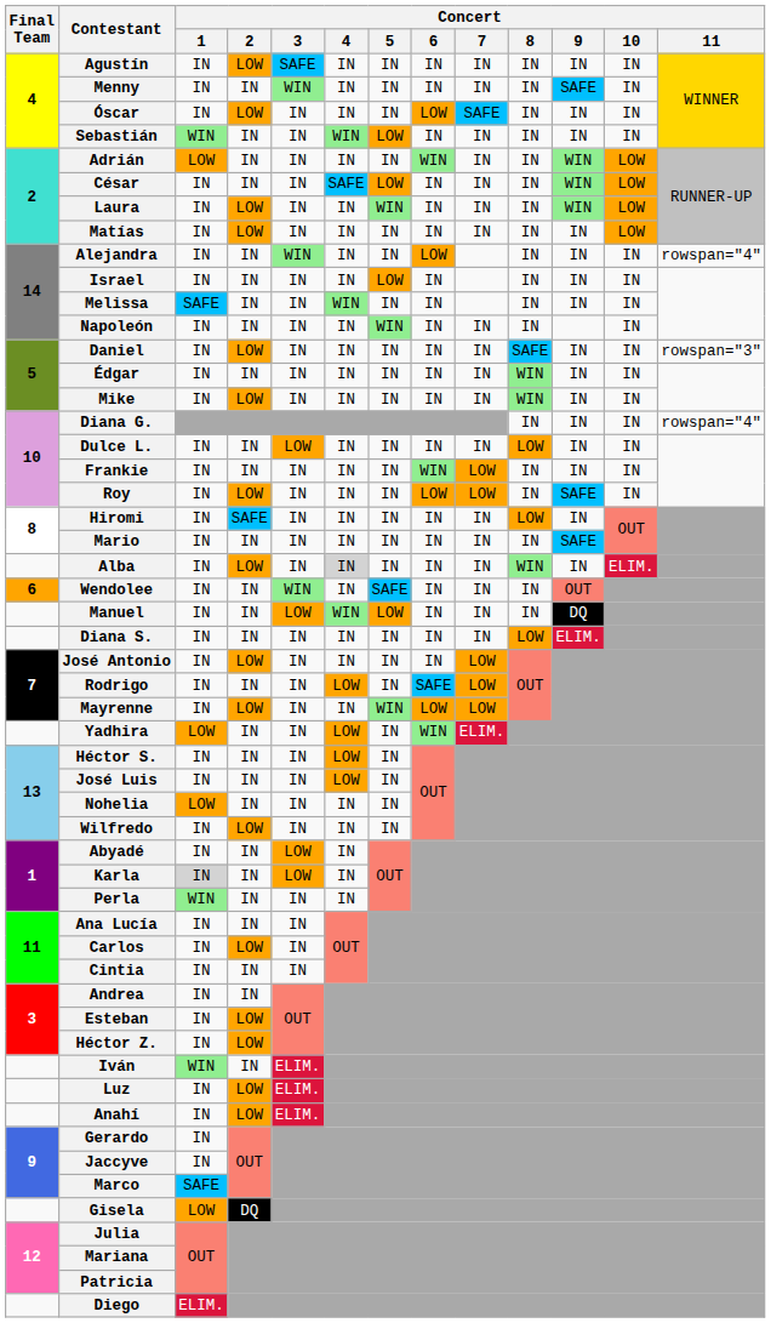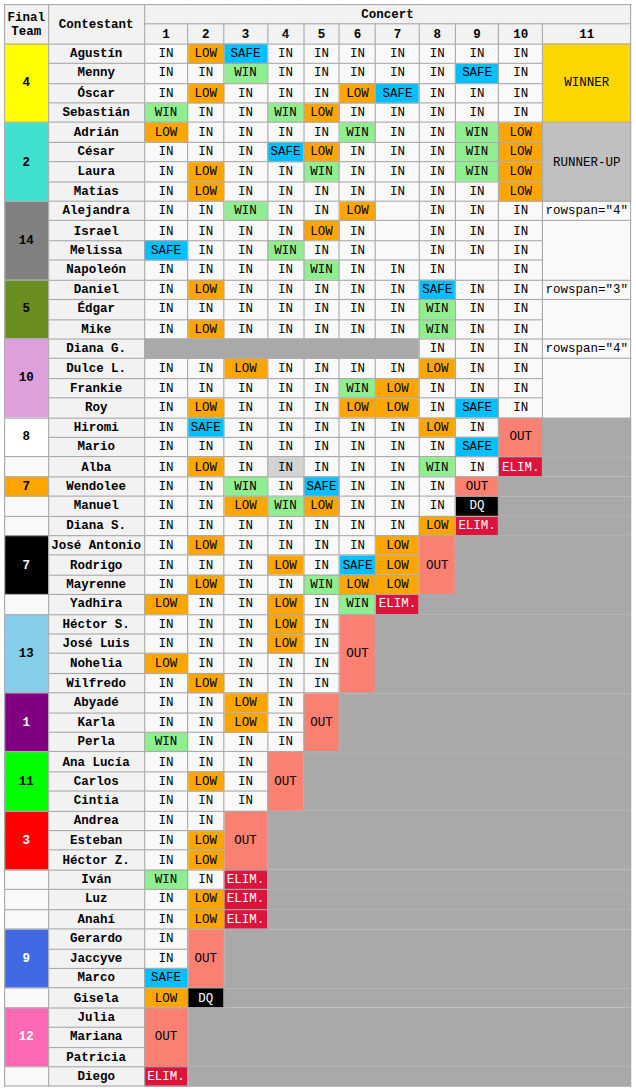 <table class="wikitable sortable" style="text-align:center; font-size:85%;">
 <tr>
 <th scope="col" rowspan="2">Final<br>Team</th>
 <th scope="col" rowspan="2">Contestant</th>
 <th class="unsortable" scope="col" colspan="100%">Concert</th>
 </tr>
 <tr>
 <th class="unsortable" scope="col">1</th>
 <th class="unsortable" scope="col">2</th>
 <th class="unsortable" scope="col">3</th>
 <th class="unsortable" scope="col">4</th>
 <th class="unsortable" scope="col">5</th>
 <th class="unsortable" scope="col">6</th>
 <th class="unsortable" scope="col">7</th>
 <th class="unsortable" scope="col">8</th>
 <th class="unsortable" scope="col">9</th>
 <th class="unsortable" scope="col">10</th>
 <th class="unsortable" scope="col">11</th>
 </tr>
 <tr>
 <th scope="row" rowspan="4" style="background:yellow;">4</th>
 <th scope="row">Agustín</th>
 <td>IN</td>
 <td style="background:orange;">LOW</td>
 <td style="background:deepskyblue;">SAFE</td>
 <td>IN</td>
 <td>IN</td>
 <td>IN</td>
 <td>IN</td>
 <td>IN</td>
 <td>IN</td>
 <td>IN</td>
 <td rowspan="4" style="background:gold;">WINNER</td>
 </tr>
 <tr>
 <th scope="row">Menny</th>
 <td>IN</td>
 <td>IN</td>
 <td style="background:lightgreen;">WIN</td>
 <td>IN</td>
 <td>IN</td>
 <td>IN</td>
 <td>IN</td>
 <td>IN</td>
 <td style="background:deepskyblue;">SAFE</td>
 <td>IN</td>
 </tr>
 <tr>
 <th scope="row">Óscar</th>
 <td>IN</td>
 <td style="background:orange;">LOW</td>
 <td>IN</td>
 <td>IN</td>
 <td>IN</td>
 <td style="background:orange;">LOW</td>
 <td style="background:deepskyblue;">SAFE</td>
 <td>IN</td>
 <td>IN</td>
 <td>IN</td>
 </tr>
 <tr>
 <th scope="row">Sebastián</th>
 <td style="background:lightgreen;">WIN</td>
 <td>IN</td>
 <td>IN</td>
 <td style="background:lightgreen;">WIN</td>
 <td style="background:orange;">LOW</td>
 <td>IN</td>
 <td>IN</td>
 <td>IN</td>
 <td>IN</td>
 <td>IN</td>
 </tr>
 <tr>
 <th scope="row" rowspan="4" style="background:turquoise;">2</th>
 <th scope="row">Adrián</th>
 <td style="background:orange;">LOW</td>
 <td>IN</td>
 <td>IN</td>
 <td>IN</td>
 <td>IN</td>
 <td style="background:lightgreen;">WIN</td>
 <td>IN</td>
 <td>IN</td>
 <td style="background:lightgreen;">WIN</td>
 <td style="background:orange;">LOW</td>
 <td rowspan="4" style="background:silver;">RUNNER-UP</td>
 </tr>
 <tr>
 <th scope="row">César</th>
 <td>IN</td>
 <td>IN</td>
 <td>IN</td>
 <td style="background:deepskyblue;">SAFE</td>
 <td style="background:orange;">LOW</td>
 <td>IN</td>
 <td>IN</td>
 <td>IN</td>
 <td style="background:lightgreen;">WIN</td>
 <td style="background:orange;">LOW<br></td>
 </tr>
 <tr>
 <th scope="row">Laura</th>
 <td>IN</td>
 <td style="background:orange;">LOW</td>
 <td>IN</td>
 <td>IN</td>
 <td style="background:lightgreen;">WIN</td>
 <td>IN</td>
 <td>IN</td>
 <td>IN</td>
 <td style="background:lightgreen;">WIN</td>
 <td style="background:orange;">LOW<br></td>
 </tr>
 <tr>
 <th scope="row">Matías</th>
 <td>IN</td>
 <td style="background:orange;">LOW</td>
 <td>IN</td>
 <td>IN</td>
 <td>IN</td>
 <td>IN</td>
 <td>IN</td>
 <td>IN</td>
 <td>IN</td>
 <td style="background:orange;">LOW<br></td>
 </tr>
 <tr>
 <th scope="row" rowspan="4" style="background:gray;">14</th>
 <th scope="row">Alejandra</th>
 <td>IN</td>
 <td>IN</td>
 <td style="background:lightgreen;">WIN</td>
 <td>IN</td>
 <td>IN</td>
 <td style="background:orange;">LOW</td>
 <td></td>
 <td>IN</td>
 <td>IN</td>
 <td>IN</td>
 <td>rowspan="4" </td>
 </tr>
 <tr>
 <th scope="row">Israel</th>
 <td>IN</td>
 <td>IN</td>
 <td>IN</td>
 <td>IN</td>
 <td style="background:orange;">LOW</td>
 <td>IN</td>
 <td></td>
 <td>IN</td>
 <td>IN</td>
 <td>IN</td>
 </tr>
 <tr>
 <th scope="row">Melissa</th>
 <td style="background:deepskyblue;">SAFE</td>
 <td>IN</td>
 <td>IN</td>
 <td style="background:lightgreen;">WIN</td>
 <td>IN</td>
 <td>IN</td>
 <td></td>
 <td>IN</td>
 <td>IN</td>
 <td>IN</td>
 </tr>
 <tr>
 <th scope="row">Napoleón</th>
 <td>IN</td>
 <td>IN</td>
 <td>IN</td>
 <td>IN</td>
 <td style="background:lightgreen;">WIN</td>
 <td>IN</td>
 <td>IN</td>
 <td>IN</td>
 <td></td>
 <td>IN</td>
 </tr>
 <tr>
 <th scope="row" rowspan="3" style="background:olivedrab;">5</th>
 <th scope="row">Daniel</th>
 <td>IN</td>
 <td style="background:orange;">LOW</td>
 <td>IN</td>
 <td>IN</td>
 <td>IN</td>
 <td>IN</td>
 <td>IN</td>
 <td style="background:deepskyblue;">SAFE</td>
 <td>IN</td>
 <td>IN</td>
 <td>rowspan="3" </td>
 </tr>
 <tr>
 <th scope="row">Édgar</th>
 <td>IN</td>
 <td>IN</td>
 <td>IN</td>
 <td>IN</td>
 <td>IN</td>
 <td>IN</td>
 <td>IN</td>
 <td style="background:lightgreen;">WIN</td>
 <td>IN</td>
 <td>IN</td>
 </tr>
 <tr>
 <th scope="row">Mike</th>
 <td>IN</td>
 <td style="background:orange;">LOW</td>
 <td>IN</td>
 <td>IN</td>
 <td>IN</td>
 <td>IN</td>
 <td>IN</td>
 <td style="background:lightgreen;">WIN</td>
 <td>IN</td>
 <td>IN</td>
 </tr>
 <tr>
 <th scope="row" rowspan="4" style="background:plum;">10</th>
 <th scope="row">Diana G.</th>
 <td colspan="7" style="background:darkgray; border:none;"></td>
 <td>IN</td>
 <td>IN</td>
 <td>IN</td>
 <td>rowspan="4" </td>
 </tr>
 <tr>
 <th scope="row">Dulce L.</th>
 <td>IN</td>
 <td>IN</td>
 <td style="background:orange;">LOW</td>
 <td>IN</td>
 <td>IN</td>
 <td>IN</td>
 <td>IN</td>
 <td style="background:orange;">LOW</td>
 <td>IN</td>
 <td>IN</td>
 </tr>
 <tr>
 <th scope="row">Frankie</th>
 <td>IN</td>
 <td>IN</td>
 <td>IN</td>
 <td>IN</td>
 <td>IN</td>
 <td style="background:lightgreen;">WIN</td>
 <td style="background:orange;">LOW</td>
 <td>IN</td>
 <td>IN</td>
 <td>IN</td>
 </tr>
 <tr>
 <th scope="row">Roy</th>
 <td>IN</td>
 <td style="background:orange;">LOW</td>
 <td>IN</td>
 <td>IN</td>
 <td>IN</td>
 <td style="background:orange;">LOW</td>
 <td style="background:orange;">LOW</td>
 <td>IN</td>
 <td style="background:deepskyblue;">SAFE</td>
 <td>IN</td>
 </tr>
 <tr>
 <th scope="row" rowspan="2" style="background:white;">8</th>
 <th scope="row">Hiromi</th>
 <td>IN</td>
 <td style="background:deepskyblue;">SAFE</td>
 <td>IN</td>
 <td>IN</td>
 <td>IN</td>
 <td>IN</td>
 <td>IN</td>
 <td style="background:orange;">LOW</td>
 <td>IN</td>
 <td rowspan="2" style="background:salmon;">OUT</td>
 <td rowspan="2" colspan="100%" style="background:darkgray; border:none;"></td>
 </tr>
 <tr>
 <th scope="row">Mario</th>
 <td>IN</td>
 <td>IN</td>
 <td>IN</td>
 <td>IN</td>
 <td>IN</td>
 <td>IN</td>
 <td>IN</td>
 <td>IN</td>
 <td style="background:deepskyblue;">SAFE</td>
 </tr>
 <tr>
 <td></td>
 <th scope="row">Alba</th>
 <td>IN</td>
 <td style="background:orange;">LOW</td>
 <td>IN</td>
 <td style="background: lightgrey;">IN</td>
 <td>IN</td>
 <td>IN</td>
 <td>IN</td>
 <td style="background:lightgreen;">WIN</td>
 <td>IN</td>
 <td style="background:crimson; color:white;">ELIM.</td>
 <td colspan="100%" style="background:darkgray; border:none;"></td>
 </tr>
 <tr>
-<th scope="row" rowspan="1" style="background:orange;">6</th>
+<th scope="row" rowspan="1" style="background:orange;">7</th>
 <th scope="row">Wendolee</th>
 <td>IN</td>
 <td>IN</td>
 <td style="background:lightgreen;">WIN</td>
 <td>IN</td>
 <td style="background:deepskyblue;">SAFE</td>
 <td>IN</td>
 <td>IN</td>
 <td>IN</td>
 <td style="background:salmon; color:black;">OUT</td>
 <td colspan="100%" style="background:darkgray; border:none;"></td>
 </tr>
 <tr>
 <td></td>
 <th scope="row">Manuel</th>
 <td>IN</td>
 <td>IN</td>
 <td style="background:orange;">LOW</td>
 <td style="background:lightgreen;">WIN</td>
 <td style="background:orange;">LOW</td>
 <td>IN</td>
 <td>IN</td>
 <td>IN</td>
 <td style="background:black; color:white;">DQ</td>
 <td colspan="100%" style="background:darkgray; border:none;"></td>
 </tr>
 <tr>
 <td></td>
 <th scope="row">Diana S.</th>
 <td>IN</td>
 <td>IN</td>
 <td>IN</td>
 <td>IN</td>
 <td>IN</td>
 <td>IN</td>
 <td>IN</td>
 <td style="background:orange;">LOW</td>
 <td style="background:crimson; color:white;">ELIM.</td>
 <td colspan="100%" style="background:darkgray; border:none;"></td>
 </tr>
 <tr>
 <th scope="row" rowspan="3" style="background:black; color:white;">7</th>
 <th scope="row" style="white-space:nowrap;">José Antonio</th>
 <td>IN</td>
 <td style="background:orange;">LOW</td>
 <td>IN</td>
 <td>IN</td>
 <td>IN</td>
 <td>IN</td>
 <td style="background:orange;">LOW</td>
 <td rowspan="3" style="background:salmon;">OUT</td>
 <td rowspan="3" colspan="100%" style="background:darkgray; border:none;"></td>
 </tr>
 <tr>
 <th scope="row">Rodrigo</th>
 <td>IN</td>
 <td>IN</td>
 <td>IN</td>
 <td style="background:orange;">LOW</td>
 <td>IN</td>
 <td style="background:deepskyblue;">SAFE</td>
 <td style="background:orange;">LOW</td>
 </tr>
 <tr>
 <th scope="row">Mayrenne</th>
 <td>IN</td>
 <td style="background:orange;">LOW</td>
 <td>IN</td>
 <td>IN</td>
 <td style="background:lightgreen;">WIN</td>
 <td style="background:orange;">LOW</td>
 <td style="background:orange;">LOW</td>
 </tr>
 <tr>
 <td></td>
 <th scope="row">Yadhira</th>
 <td style="background:orange;">LOW</td>
 <td>IN</td>
 <td>IN</td>
 <td style="background:orange;">LOW</td>
 <td>IN</td>
 <td style="background:lightgreen;">WIN</td>
 <td style="background:crimson; color:white;">ELIM.</td>
 <td colspan="100%" style="background:darkgray; border:none;"></td>
 </tr>
 <tr>
 <th scope="row" rowspan="4" style="background:skyblue;">13</th>
 <th scope="row">Héctor S.</th>
 <td>IN</td>
 <td>IN</td>
 <td>IN</td>
 <td style="background:orange;">LOW</td>
 <td>IN</td>
 <td rowspan="4" style="background:salmon; color:black;">OUT</td>
 <td rowspan="4" colspan="100%" style="background:darkgray; border:none;"></td>
 </tr>
 <tr>
 <th scope="row">José Luis</th>
 <td>IN</td>
 <td>IN</td>
 <td>IN</td>
 <td style="background:orange;">LOW</td>
 <td>IN</td>
 </tr>
 <tr>
 <th scope="row">Nohelia</th>
 <td style="background:orange;">LOW</td>
 <td>IN</td>
 <td>IN</td>
 <td>IN</td>
 <td>IN</td>
 </tr>
 <tr>
 <th scope="row">Wilfredo</th>
 <td>IN</td>
 <td style="background:orange;">LOW</td>
 <td>IN</td>
 <td>IN</td>
 <td>IN</td>
 </tr>
 <tr>
 <th scope="row" rowspan="3" style="background:purple; color:white;">1</th>
 <th scope="row">Abyadé</th>
 <td>IN</td>
 <td>IN</td>
 <td style="background:orange;">LOW</td>
 <td>IN</td>
 <td rowspan="3" style="background:salmon; color:black;">OUT</td>
 <td rowspan="3" colspan="100%" style="background:darkgray; border:none;"></td>
 </tr>
 <tr>
 <th scope="row">Karla</th>
-<td style="background: lightgrey;">IN</td>
+<td>IN</td>
 <td>IN</td>
 <td style="background:orange;">LOW</td>
 <td>IN</td>
 </tr>
 <tr>
 <th scope="row">Perla</th>
 <td style="background:lightgreen;">WIN</td>
 <td>IN</td>
 <td>IN</td>
 <td>IN</td>
 </tr>
 <tr>
 <th scope="row" rowspan="3" style="background:lime;">11</th>
 <th scope="row">Ana Lucía</th>
 <td>IN</td>
 <td>IN</td>
 <td>IN</td>
 <td rowspan="3" style="background:salmon; color:black;">OUT</td>
 <td rowspan="3" colspan="100%" style="background:darkgray; border:none;"></td>
 </tr>
 <tr>
 <th scope="row">Carlos</th>
 <td>IN</td>
 <td style="background:orange;">LOW</td>
 <td>IN</td>
 </tr>
 <tr>
 <th scope="row">Cintia</th>
 <td>IN</td>
 <td>IN</td>
 <td>IN</td>
 </tr>
 <tr>
 <th scope="row" rowspan="3" style="background:red; color:white">3</th>
 <th scope="row">Andrea</th>
 <td>IN</td>
 <td>IN</td>
 <td rowspan="3" style="background:salmon; color:black;">OUT</td>
 <td rowspan="3" colspan="100%" style="background:darkgray; border:none;"></td>
 </tr>
 <tr>
 <th scope="row">Esteban</th>
 <td>IN</td>
 <td style="background:orange;">LOW</td>
 </tr>
 <tr>
 <th scope="row">Héctor Z.</th>
 <td>IN</td>
 <td style="background:orange;">LOW</td>
 </tr>
 <tr>
 <td></td>
 <th scope="row">Iván</th>
 <td style="background:lightgreen;">WIN</td>
 <td>IN</td>
 <td style="background:crimson; color:white;">ELIM.</td>
 <td colspan="100%" style="background:darkgray; border:none;"></td>
 </tr>
 <tr>
 <td></td>
 <th scope="row">Luz</th>
 <td>IN</td>
 <td style="background:orange;">LOW</td>
 <td style="background:crimson; color:white;">ELIM.</td>
 <td colspan="100%" style="background:darkgray; border:none;"></td>
 </tr>
 <tr>
 <td></td>
 <th scope="row">Anahí</th>
 <td>IN</td>
 <td style="background:orange;">LOW</td>
 <td style="background:crimson; color:white;">ELIM.</td>
 <td colspan="100%" style="background:darkgray; border:none;"></td>
 </tr>
 <tr>
 <th scope="row" rowspan="3" style="background:royalblue; color:white">9</th>
 <th scope="row">Gerardo</th>
 <td>IN</td>
 <td rowspan="3" style="background:salmon; color:black;">OUT</td>
 <td rowspan="3" colspan="100%" style="background:darkgray; border:none;"></td>
 </tr>
 <tr>
 <th scope="row">Jaccyve</th>
 <td>IN</td>
 </tr>
 <tr>
 <th scope="row">Marco</th>
 <td style="background:deepskyblue;">SAFE</td>
 </tr>
 <tr>
 <td></td>
 <th scope="row">Gisela</th>
 <td style="background:orange;">LOW</td>
 <td style="background:black; color:white;">DQ</td>
 <td colspan="100%" style="background:darkgray; border:none;"></td>
 </tr>
 <tr>
 <th scope="row" rowspan="3" style="background:hotpink; color:white">12</th>
 <th scope="row">Julia</th>
 <td rowspan="3" style="background:salmon; color:black;">OUT</td>
 <td rowspan="3" colspan="100%" style="background:darkgray; border:none;"></td>
 </tr>
 <tr>
 <th scope="row">Mariana</th>
 </tr>
 <tr>
 <th scope="row">Patricia</th>
 </tr>
 <tr>
 <td></td>
 <th scope="row">Diego</th>
 <td style="background:crimson; color:white;">ELIM.</td>
 <td colspan="100%" style="background:darkgray; border:none;"></td>
 </tr>
 </table>
